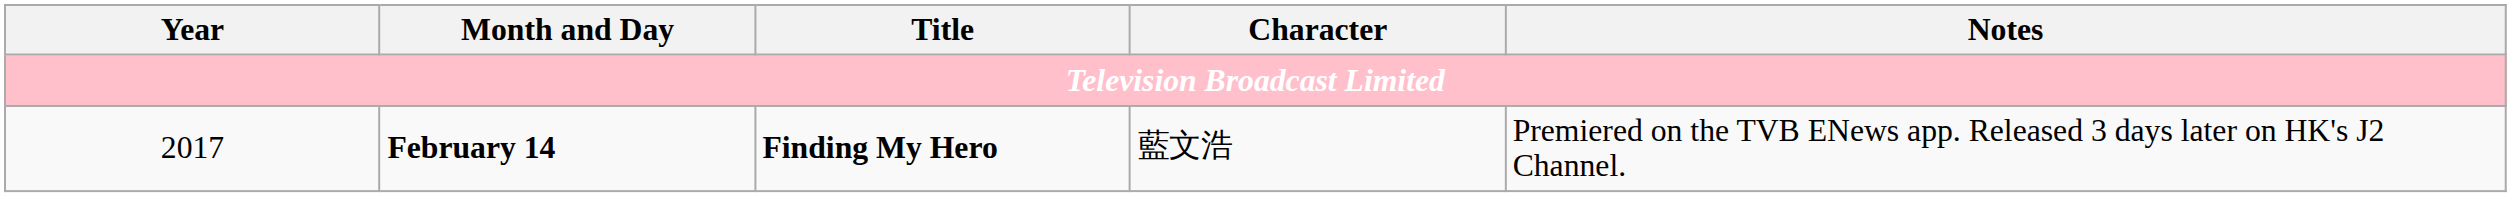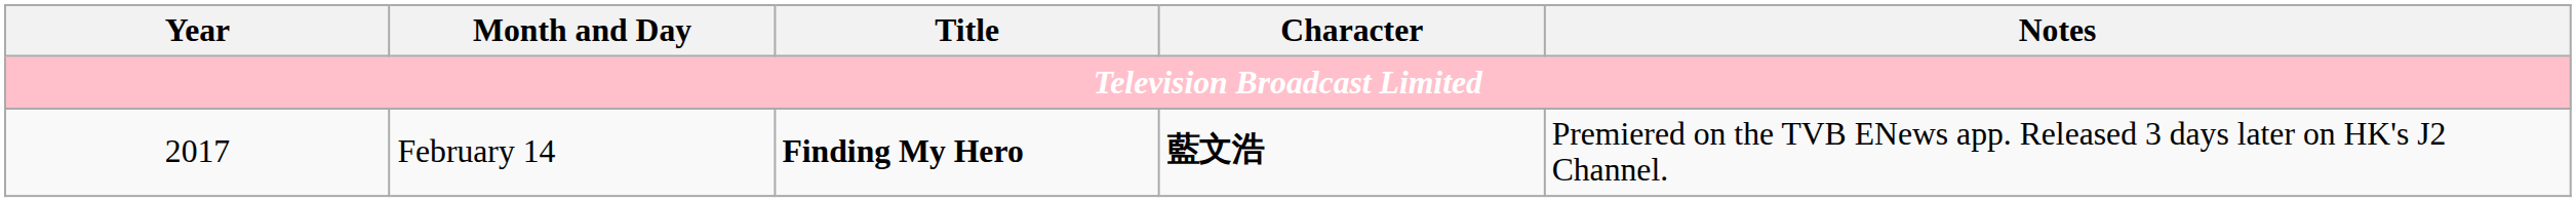 <table class="wikitable" width="100%">
 <tr>
 <th style="width:15%">Year</th>
 <th style="width:15%">Month and Day</th>
 <th style="width:15%">Title</th>
 <th style="width:15%">Character</th>
 <th style="width:50%">Notes</th>
 </tr>
 <tr>
 <td style="text-align:center; background:pink; color:white;" colspan="5"><strong><em>Television Broadcast Limited</em></strong></td>
 </tr>
 <tr>
 <td style="text-align:center;">2017</td>
-<td><strong>February 14</strong></td>
+<td>February 14</td>
 <td><strong>Finding My Hero</strong></td>
-<td>藍文浩</td>
+<td><strong>藍文浩</strong></td>
 <td>Premiered on the TVB ENews app.  Released 3 days later on HK's J2 Channel.</td>
 </tr>
 </table>
